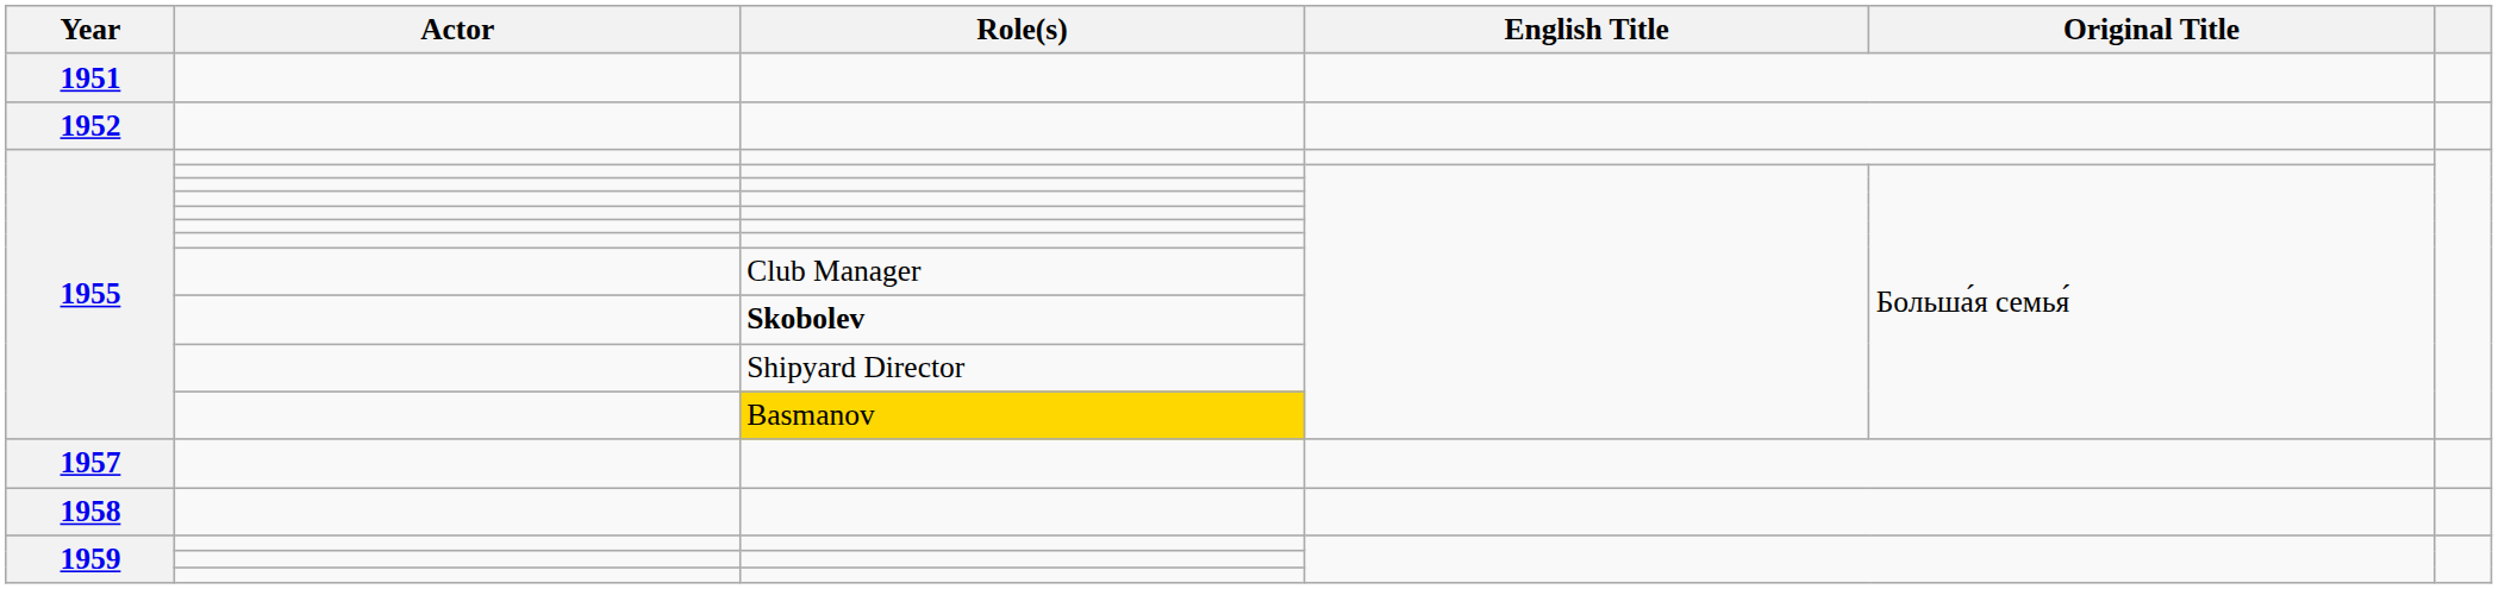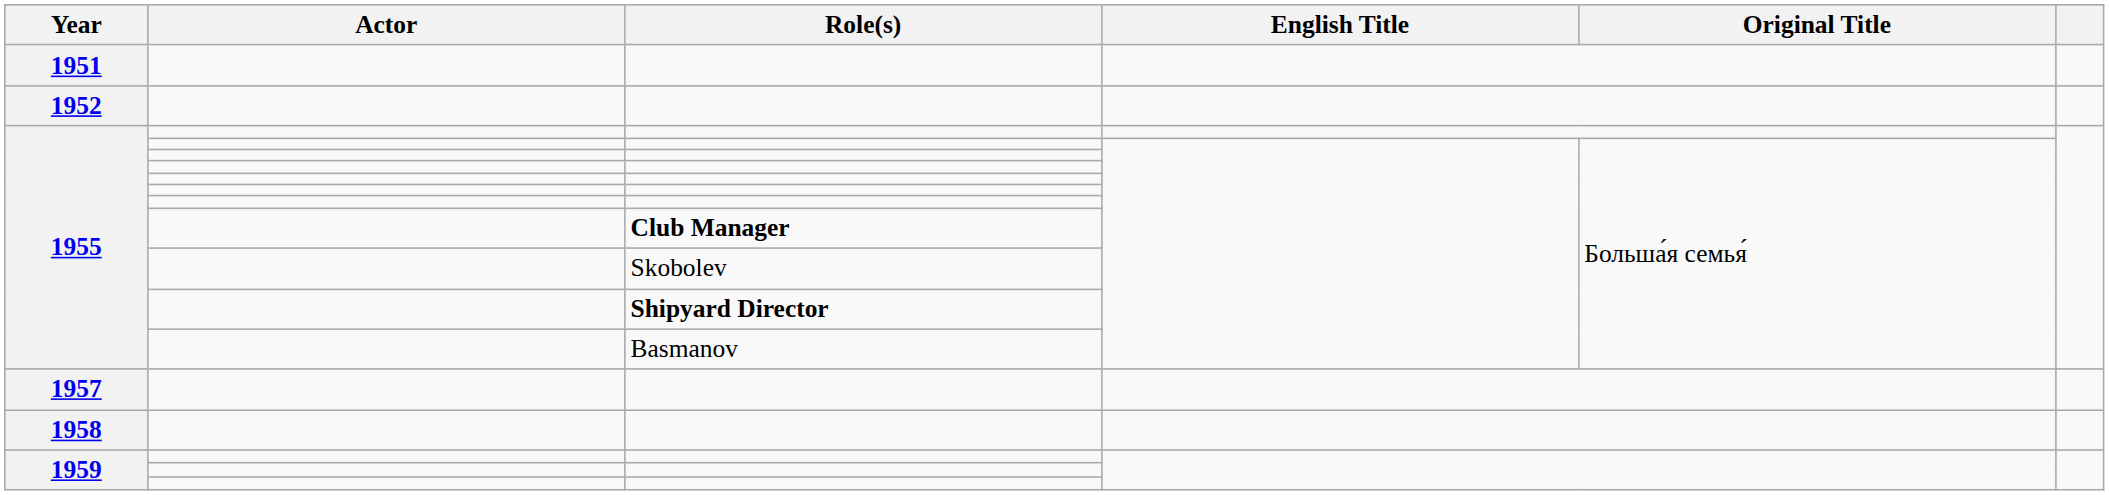 <table class="wikitable unsortable">
 <tr>
 <th scope="col" style="width:3%;">Year</th>
 <th scope="col" style="width:10%;">Actor</th>
 <th scope="col" style="width:10%;">Role(s)</th>
 <th scope="col" style="width:10%;">English Title</th>
 <th scope="col" style="width:10%;">Original Title</th>
 <th scope="col" style="width:1%;" class="unsortable"></th>
 </tr>
 <tr>
 <th style="text-align:center;"><a href='#'>1951</a></th>
 <td></td>
 <td></td>
 <td colspan="2"></td>
 <td style="text-align:center;"></td>
 </tr>
 <tr>
 <th style="text-align:center;"><a href='#'>1952</a></th>
 <td></td>
 <td></td>
 <td colspan="2"></td>
 <td style="text-align:center;"></td>
 </tr>
 <tr>
 <th rowspan="11" style="text-align:center;"><a href='#'>1955</a><br></th>
 <td></td>
 <td></td>
 <td colspan="2"></td>
 <td rowspan="11" style="text-align:center;"></td>
 </tr>
 <tr>
 <td></td>
 <td></td>
 <td rowspan="10"></td>
 <td rowspan="10">Больша́я семья́</td>
 </tr>
 <tr>
 <td></td>
 <td></td>
 </tr>
 <tr>
 <td></td>
 <td></td>
 </tr>
 <tr>
 <td></td>
 <td></td>
 </tr>
 <tr>
 <td></td>
 <td></td>
 </tr>
 <tr>
 <td></td>
 <td></td>
 </tr>
 <tr>
 <td></td>
-<td>Club Manager</td>
+<td><strong>Club Manager</strong></td>
 </tr>
 <tr>
 <td></td>
-<td><strong>Skobolev</strong></td>
+<td>Skobolev</td>
 </tr>
 <tr>
 <td></td>
-<td>Shipyard Director</td>
+<td><strong>Shipyard Director</strong></td>
 </tr>
 <tr>
 <td></td>
-<td style="background: gold;">Basmanov</td>
+<td>Basmanov</td>
 </tr>
 <tr>
 <th style="text-align:center;"><a href='#'>1957</a></th>
 <td></td>
 <td></td>
 <td colspan="2"></td>
 <td style="text-align:center;"></td>
 </tr>
 <tr>
 <th style="text-align:center;"><a href='#'>1958</a></th>
 <td></td>
 <td></td>
 <td colspan="2"></td>
 <td style="text-align:center;"></td>
 </tr>
 <tr>
 <th rowspan="3" style="text-align:center;"><a href='#'>1959</a></th>
 <td></td>
 <td></td>
 <td rowspan="3" colspan="2"></td>
 <td rowspan="3" style="text-align:center;"></td>
 </tr>
 <tr>
 <td></td>
 <td></td>
 </tr>
 <tr>
 <td></td>
 <td></td>
 </tr>
 </table>
